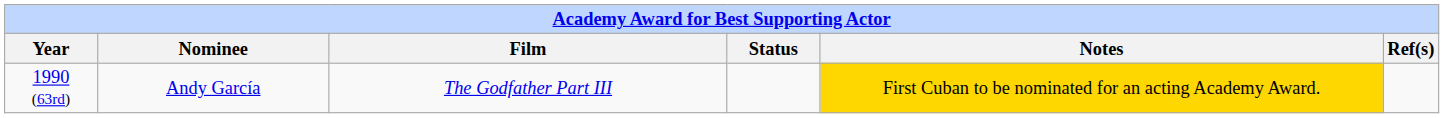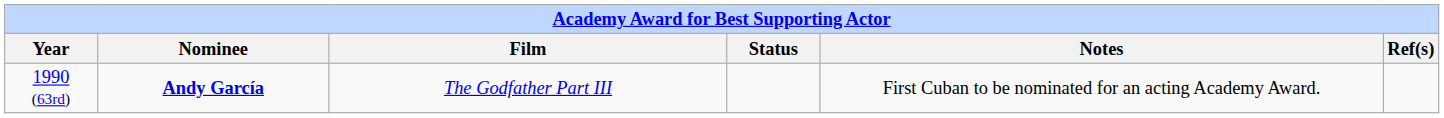 <table class="wikitable" style="text-align: center">
 <tr style="background:#bfd7ff;">
 <td colspan="6" style="text-align:center;"><strong><a href='#'>Academy Award for Best Supporting Actor</a></strong></td>
 </tr>
 <tr style="background:#ebf5ff;">
 <th style="width:75px;">Year</th>
 <th style="width:200px;">Nominee</th>
 <th style="width:350px;">Film</th>
 <th style="width:75px;">Status</th>
 <th style="width:500px;">Notes</th>
 <th width="3">Ref(s)</th>
 </tr>
 <tr>
 <td style="text-align: center"><a href='#'>1990</a><br><small>(<a href='#'>63rd</a>)</small></td>
-<td><a href='#'>Andy García</a></td>
+<td><strong><a href='#'>Andy García</a></strong></td>
 <td><em><a href='#'>The Godfather Part III</a></em></td>
 <td></td>
-<td style="background: gold;">First Cuban to be nominated for an acting Academy Award.</td>
+<td>First Cuban to be nominated for an acting Academy Award.</td>
 <td style="text-align: center"></td>
 </tr>
 </table>
